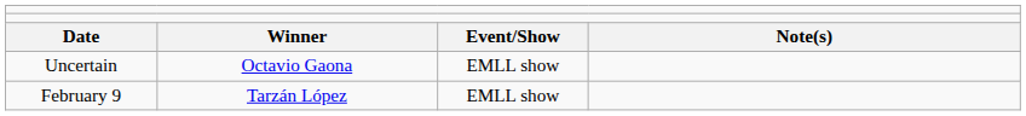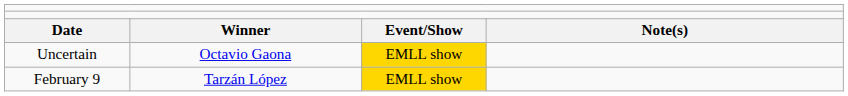 <table class="wikitable" style="text-align:center; width:100%;">
 <tr>
 <td colspan=5></td>
 </tr>
 <tr>
 <td colspan=5><strong></strong></td>
 </tr>
 <tr>
 <th width=14%>Date</th>
 <th width=26%>Winner</th>
 <th width=14%>Event/Show</th>
 <th width=40%>Note(s)</th>
 </tr>
 <tr>
 <td>Uncertain</td>
 <td><a href='#'>Octavio Gaona</a></td>
-<td>EMLL show</td>
+<td style="background: gold;">EMLL show</td>
 <td align=left></td>
 </tr>
 <tr>
 <td>February 9</td>
 <td><a href='#'>Tarzán López</a></td>
-<td>EMLL show</td>
+<td style="background: gold;">EMLL show</td>
 <td align=left></td>
 </tr>
 </table>
